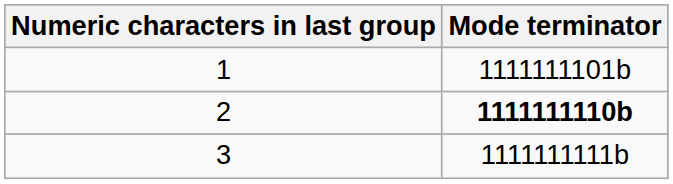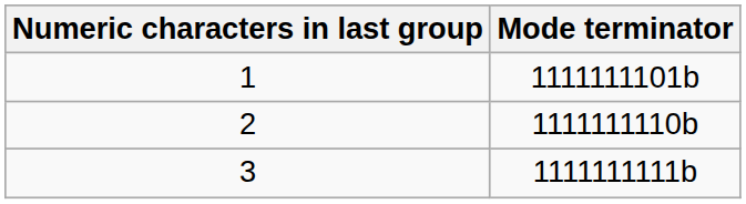 <table class="wikitable" border="1" style="text-align:center">
 <tr>
 <th>Numeric characters in last group</th>
 <th>Mode terminator</th>
 </tr>
 <tr>
 <td>1</td>
 <td>1111111101b</td>
 </tr>
 <tr>
 <td>2</td>
-<td><strong>1111111110b</strong></td>
+<td>1111111110b</td>
 </tr>
 <tr>
 <td>3</td>
 <td>1111111111b</td>
 </tr>
 </table>
